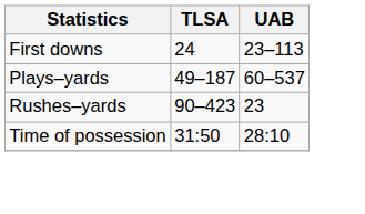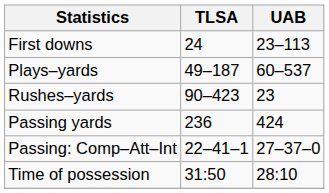 <table class="wikitable" style="float: left;">
 <tr>
 <th>Statistics</th>
 <th>TLSA</th>
 <th>UAB</th>
 </tr>
 <tr>
 <td>First downs</td>
 <td>24</td>
 <td>23–113</td>
 </tr>
 <tr>
 <td>Plays–yards</td>
 <td>49–187</td>
 <td>60–537</td>
 </tr>
 <tr>
 <td>Rushes–yards</td>
 <td>90–423</td>
 <td>23</td>
 </tr>
 <tr>
+<td>Passing yards</td>
+<td>236</td>
+<td>424</td>
+</tr>
+<tr>
+<td>Passing: Comp–Att–Int</td>
+<td>22–41–1</td>
+<td>27–37–0</td>
+</tr>
+<tr>
 <td>Time of possession</td>
 <td>31:50</td>
 <td>28:10</td>
 </tr>
 <tr>
 </tr>
 </table>
